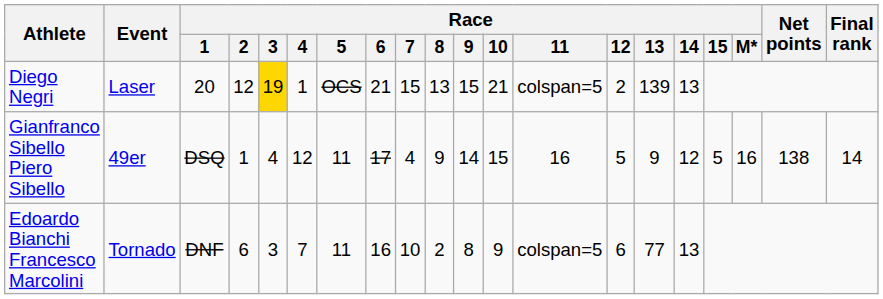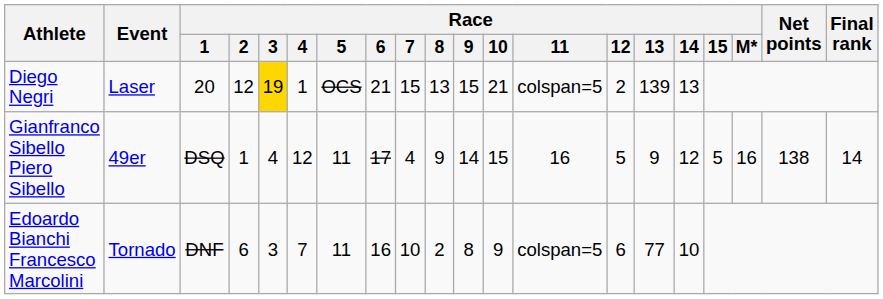 <table class="wikitable" style="font-size:90%">
 <tr>
 <th rowspan=2>Athlete</th>
 <th rowspan=2>Event</th>
 <th colspan=16>Race</th>
 <th rowspan=2>Net points</th>
 <th rowspan=2>Final rank</th>
 </tr>
 <tr style="font-size:95%">
 <th>1</th>
 <th>2</th>
 <th>3</th>
 <th>4</th>
 <th>5</th>
 <th>6</th>
 <th>7</th>
 <th>8</th>
 <th>9</th>
 <th>10</th>
 <th>11</th>
 <th>12</th>
 <th>13</th>
 <th>14</th>
 <th>15</th>
 <th>M*</th>
 </tr>
 <tr align=center>
 <td align=left><a href='#'>Diego Negri</a></td>
 <td align=left><a href='#'>Laser</a></td>
 <td>20</td>
 <td>12</td>
 <td style="background: gold;">19</td>
 <td>1</td>
 <td><s>OCS</s></td>
 <td>21</td>
 <td>15</td>
 <td>13</td>
 <td>15</td>
 <td>21</td>
 <td>colspan=5 </td>
 <td>2</td>
 <td>139</td>
 <td>13</td>
 </tr>
 <tr align=center>
 <td align=left><a href='#'>Gianfranco Sibello</a><br><a href='#'>Piero Sibello</a></td>
 <td align=left><a href='#'>49er</a></td>
 <td><s>DSQ</s></td>
 <td>1</td>
 <td>4</td>
 <td>12</td>
 <td>11</td>
 <td><s>17</s></td>
 <td>4</td>
 <td>9</td>
 <td>14</td>
 <td>15</td>
 <td>16</td>
 <td>5</td>
 <td>9</td>
 <td>12</td>
 <td>5</td>
 <td>16</td>
 <td>138</td>
 <td>14</td>
 </tr>
 <tr align=center>
 <td align=left><a href='#'>Edoardo Bianchi</a><br><a href='#'>Francesco Marcolini</a></td>
 <td align=left><a href='#'>Tornado</a></td>
 <td><s>DNF</s></td>
 <td>6</td>
 <td>3</td>
 <td>7</td>
 <td>11</td>
 <td>16</td>
 <td>10</td>
 <td>2</td>
 <td>8</td>
 <td>9</td>
 <td>colspan=5 </td>
 <td>6</td>
 <td>77</td>
-<td>13</td>
+<td>10</td>
 </tr>
 </table>
